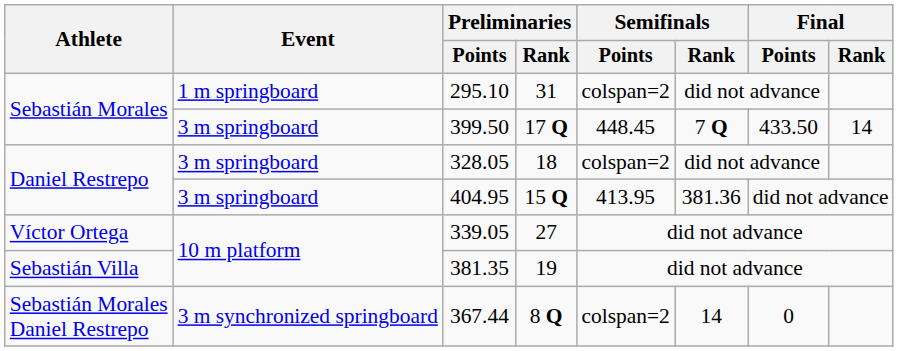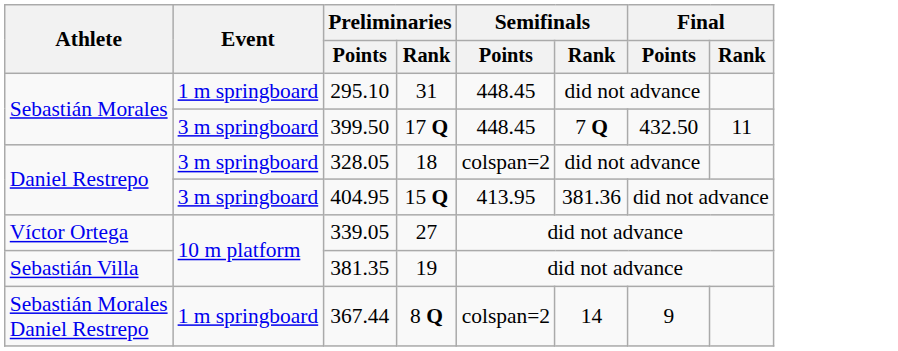 <table class="wikitable" style="text-align:center; font-size:90%">
 <tr>
 <th rowspan=2>Athlete</th>
 <th rowspan=2>Event</th>
 <th colspan=2>Preliminaries</th>
 <th colspan=2>Semifinals</th>
 <th colspan=2>Final</th>
 </tr>
 <tr style="font-size:95%">
 <th>Points</th>
 <th>Rank</th>
 <th>Points</th>
 <th>Rank</th>
 <th>Points</th>
 <th>Rank</th>
 </tr>
 <tr>
 <td align=left rowspan=2><a href='#'>Sebastián Morales</a></td>
 <td align=left><a href='#'>1 m springboard</a></td>
 <td>295.10</td>
 <td>31</td>
-<td>colspan=2 </td>
+<td>448.45</td>
 <td colspan=2>did not advance</td>
 </tr>
 <tr>
 <td align=left><a href='#'>3 m springboard</a></td>
 <td>399.50</td>
 <td>17 <strong>Q</strong></td>
 <td>448.45</td>
 <td>7 <strong>Q</strong></td>
-<td>433.50</td>
-<td>14</td>
+<td>432.50</td>
+<td>11</td>
 </tr>
 <tr>
 <td align=left rowspan=2><a href='#'>Daniel Restrepo</a></td>
 <td align=left><a href='#'>3 m springboard</a></td>
 <td>328.05</td>
 <td>18</td>
 <td>colspan=2 </td>
 <td colspan=2>did not advance</td>
 </tr>
 <tr>
 <td align=left><a href='#'>3 m springboard</a></td>
 <td>404.95</td>
 <td>15 <strong>Q</strong></td>
 <td>413.95</td>
 <td>381.36</td>
 <td colspan=2>did not advance</td>
 </tr>
 <tr>
 <td align=left><a href='#'>Víctor Ortega</a></td>
 <td rowspan=2 align=left><a href='#'>10 m platform</a></td>
 <td>339.05</td>
 <td>27</td>
 <td colspan=4>did not advance</td>
 </tr>
 <tr>
 <td align=left><a href='#'>Sebastián Villa</a></td>
 <td>381.35</td>
 <td>19</td>
 <td colspan=4>did not advance</td>
 </tr>
 <tr>
 <td align=left><a href='#'>Sebastián Morales</a><br><a href='#'>Daniel Restrepo</a></td>
-<td align=left><a href='#'>3 m synchronized springboard</a></td>
+<td align=left><a href='#'>1 m springboard</a></td>
 <td>367.44</td>
 <td>8 <strong>Q</strong></td>
 <td>colspan=2 </td>
 <td>14</td>
-<td>0</td>
+<td>9</td>
 </tr>
 </table>
